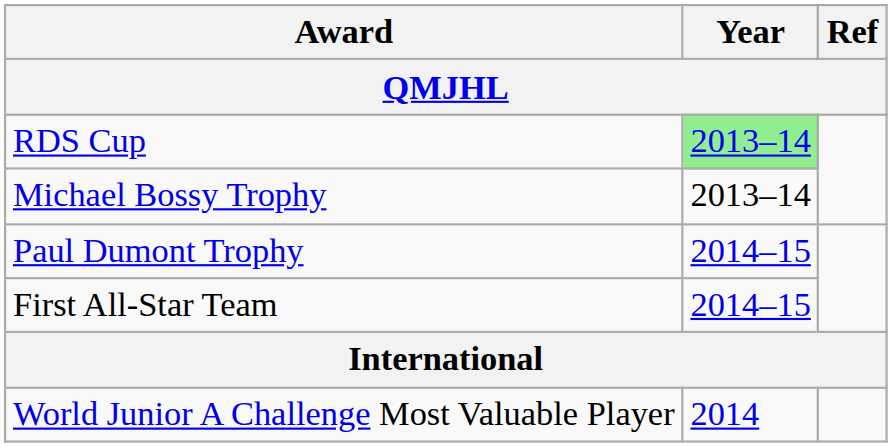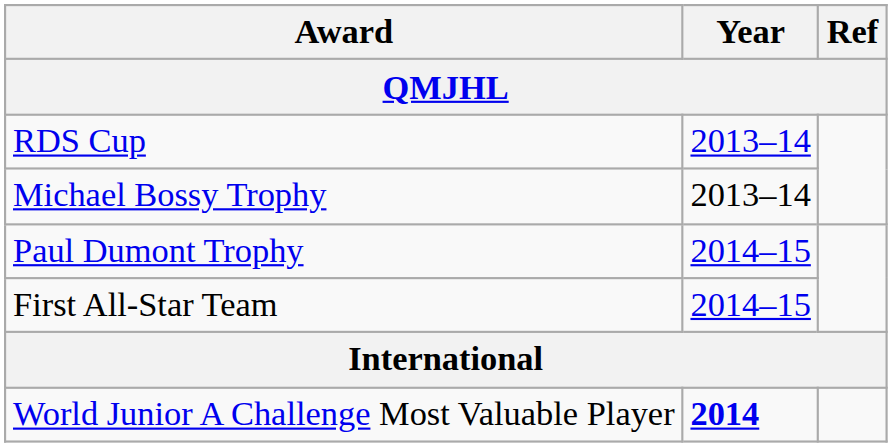 <table class="wikitable">
 <tr>
 <th>Award</th>
 <th>Year</th>
 <th>Ref</th>
 </tr>
 <tr>
 <th colspan="3"><a href='#'>QMJHL</a></th>
 </tr>
 <tr>
 <td><a href='#'>RDS Cup</a></td>
-<td style="background: lightgreen;"><a href='#'>2013–14</a></td>
+<td><a href='#'>2013–14</a></td>
 <td rowspan="2"></td>
 </tr>
 <tr>
 <td><a href='#'>Michael Bossy Trophy</a></td>
 <td>2013–14</td>
 </tr>
 <tr>
 <td><a href='#'>Paul Dumont Trophy</a></td>
 <td><a href='#'>2014–15</a></td>
 <td rowspan="2"></td>
 </tr>
 <tr>
 <td>First All-Star Team</td>
 <td><a href='#'>2014–15</a></td>
 </tr>
 <tr>
 <th colspan="3">International</th>
 </tr>
 <tr>
 <td><a href='#'>World Junior A Challenge</a> Most Valuable Player</td>
-<td><a href='#'>2014</a></td>
+<td><strong><a href='#'>2014</a></strong></td>
 <td></td>
 </tr>
 </table>
